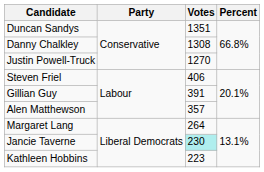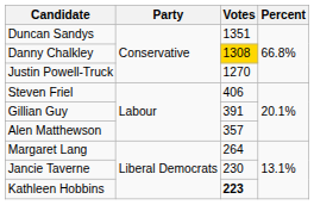 <table class="wikitable">
 <tr>
 <th>Candidate</th>
 <th>Party</th>
 <th>Votes</th>
 <th>Percent</th>
 </tr>
 <tr>
 <td>Duncan Sandys</td>
 <td rowspan="3">Conservative</td>
 <td>1351</td>
 <td rowspan="3">66.8%</td>
 </tr>
 <tr>
 <td>Danny Chalkley</td>
-<td>1308</td>
+<td style="background: gold;">1308</td>
 </tr>
 <tr>
 <td>Justin Powell-Truck</td>
 <td>1270</td>
 </tr>
 <tr>
 <td>Steven Friel</td>
 <td rowspan="3">Labour</td>
 <td>406</td>
 <td rowspan="3">20.1%</td>
 </tr>
 <tr>
 <td>Gillian Guy</td>
 <td>391</td>
 </tr>
 <tr>
 <td>Alen Matthewson</td>
 <td>357</td>
 </tr>
 <tr>
 <td>Margaret Lang</td>
 <td rowspan="3">Liberal Democrats</td>
 <td>264</td>
 <td rowspan="3">13.1%</td>
 </tr>
 <tr>
 <td>Jancie Taverne</td>
-<td style="background: paleturquoise;">230</td>
+<td>230</td>
 </tr>
 <tr>
 <td>Kathleen Hobbins</td>
-<td>223</td>
+<td><strong>223</strong></td>
 </tr>
 </table>
